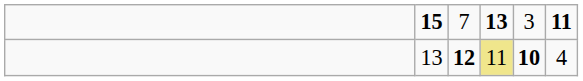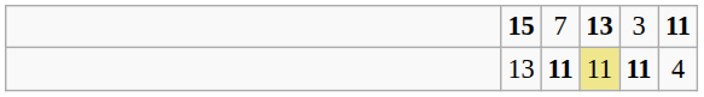 <table class="wikitable">
 <tr>
 <td style="width:18em"><strong></strong></td>
 <td align=center style="width:1em"><strong>15</strong></td>
 <td align=center style="width:1em">7</td>
 <td align=center style="width:1em"><strong>13</strong></td>
 <td align=center style="width:1em">3</td>
 <td align=center style="width:1em"><strong>11</strong></td>
 </tr>
 <tr>
 <td style="width:18em"></td>
 <td align=center style="width:1em">13</td>
-<td align=center style="width:1em"><strong>12</strong></td>
+<td align=center style="width:1em"><strong>11</strong></td>
 <td align=center style="background: khaki; width:1em">11</td>
-<td align=center style="width:1em"><strong>10</strong></td>
+<td align=center style="width:1em"><strong>11</strong></td>
 <td align=center style="width:1em">4</td>
 </tr>
 </table>
